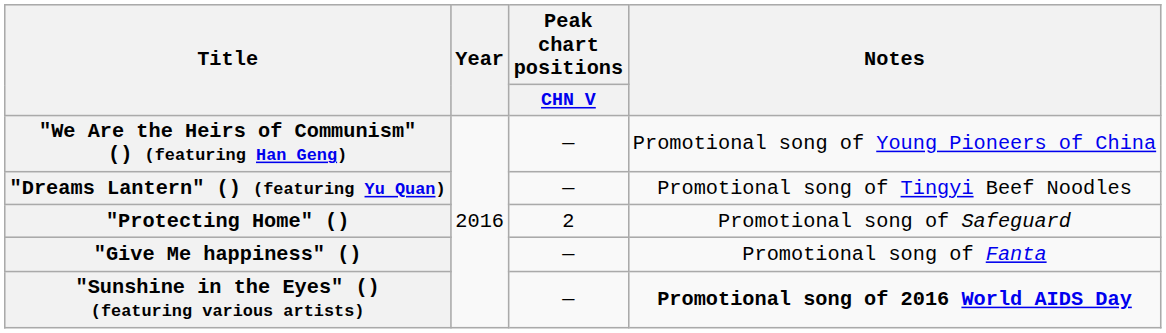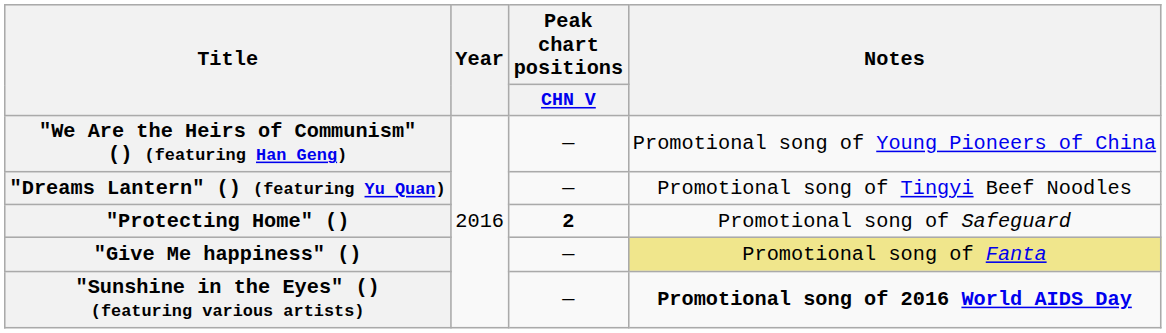 <table class="wikitable plainrowheaders" style="text-align:center;">
 <tr>
 <th rowspan="2" scope="col">Title</th>
 <th rowspan="2" scope="col">Year</th>
 <th>Peak chart positions</th>
 <th rowspan="2" scope="col">Notes</th>
 </tr>
 <tr>
 <th scope="col" style="width:3em;font-size:90%;"><a href='#'>CHN V</a><br></th>
 </tr>
 <tr>
 <th scope="row">"We Are the Heirs of Communism"<br>() <small>(featuring <a href='#'>Han Geng</a>)</small></th>
 <td rowspan="5">2016</td>
 <td>—</td>
 <td>Promotional song of <a href='#'>Young Pioneers of China</a></td>
 </tr>
 <tr>
 <th scope="row">"Dreams Lantern" () <small>(featuring <a href='#'>Yu Quan</a>)</small></th>
 <td>—</td>
 <td>Promotional song of <a href='#'>Tingyi</a> Beef Noodles</td>
 </tr>
 <tr>
 <th scope="row">"Protecting Home" ()</th>
-<td>2</td>
+<td><strong>2</strong></td>
 <td>Promotional song of <em>Safeguard</em></td>
 </tr>
 <tr>
 <th scope="row">"Give Me happiness" ()</th>
 <td>—</td>
-<td>Promotional song of <em><a href='#'>Fanta</a></em></td>
+<td style="background: khaki;">Promotional song of <em><a href='#'>Fanta</a></em></td>
 </tr>
 <tr>
 <th scope="row">"Sunshine in the Eyes" ()<br><small>(featuring various artists)</small></th>
 <td>—</td>
 <td><strong>Promotional song of 2016 <a href='#'>World AIDS Day</a></strong></td>
 </tr>
 </table>
